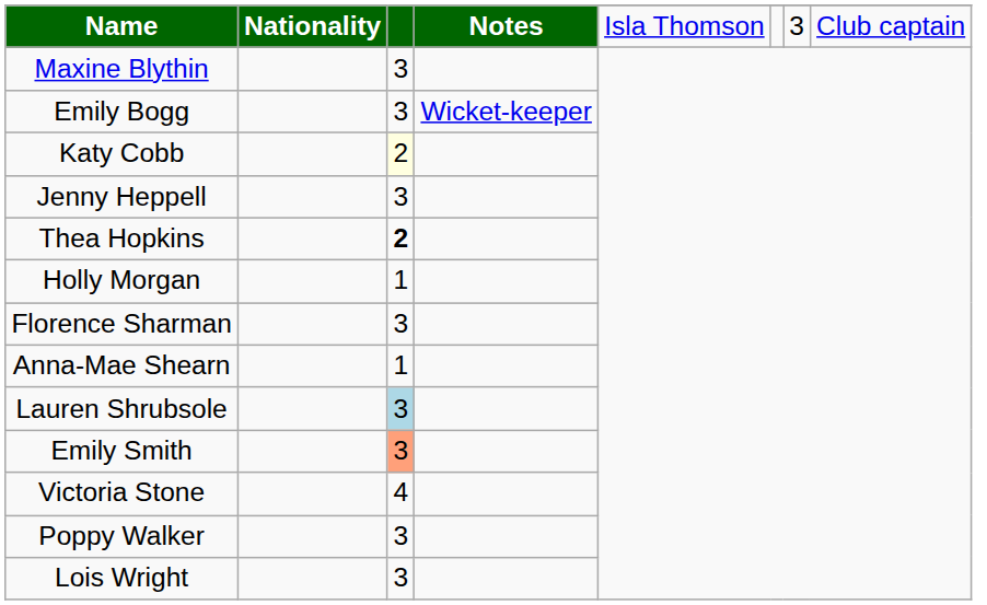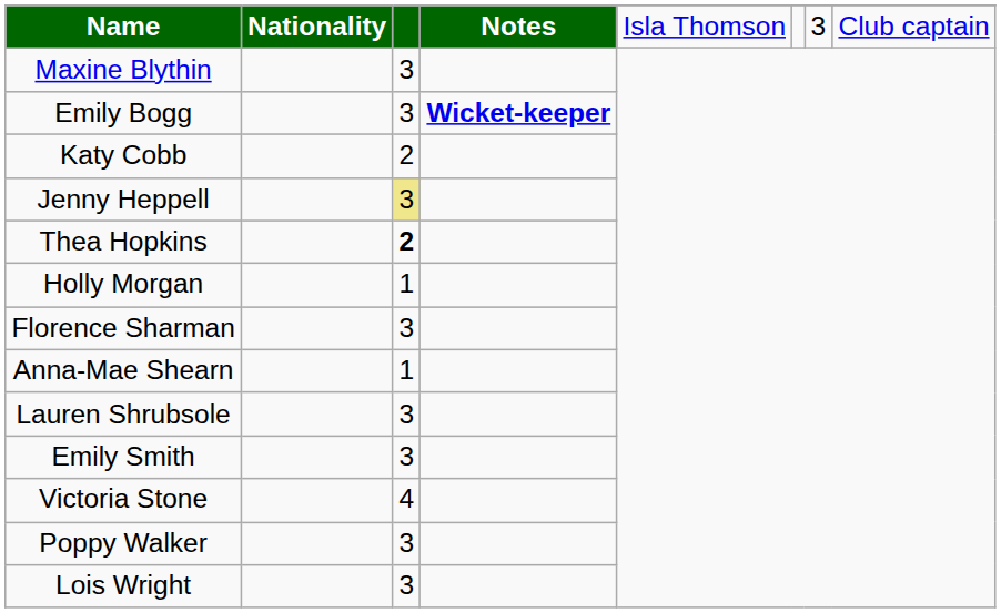 <table class="wikitable sortable">
 <tr>
 <th style="background:#060; color:white" scope="col" rowspan="2">Name</th>
 <th style="background:#060; color:white" scope="col" rowspan="2">Nationality</th>
 <th style="background:#060; color:white" scope="col" rowspan="2"></th>
 <th style="background:#060; color:white" scope="col" rowspan="2">Notes</th>
 </tr>
 <tr>
 <td style="text-align:center"><a href='#'>Isla Thomson</a></td>
 <td></td>
 <td>3</td>
 <td><a href='#'>Club captain</a></td>
 </tr>
 <tr>
 <td style="text-align:center"><a href='#'>Maxine Blythin</a></td>
 <td></td>
 <td>3</td>
 <td></td>
 </tr>
 <tr>
 <td style="text-align:center">Emily Bogg</td>
 <td></td>
 <td>3</td>
-<td><a href='#'>Wicket-keeper</a></td>
+<td><strong><a href='#'>Wicket-keeper</a></strong></td>
 </tr>
 <tr>
 <td style="text-align:center">Katy Cobb</td>
 <td></td>
-<td style="background: lightyellow;">2</td>
+<td>2</td>
 <td></td>
 </tr>
 <tr>
 <td style="text-align:center">Jenny Heppell</td>
 <td></td>
-<td>3</td>
+<td style="background: khaki;">3</td>
 <td></td>
 </tr>
 <tr>
 <td style="text-align:center">Thea Hopkins</td>
 <td></td>
 <td><strong>2</strong></td>
 <td></td>
 </tr>
 <tr>
 <td style="text-align:center">Holly Morgan</td>
 <td></td>
 <td>1</td>
 <td></td>
 </tr>
 <tr>
 <td style="text-align:center">Florence Sharman</td>
 <td></td>
 <td>3</td>
 <td></td>
 </tr>
 <tr>
 <td style="text-align:center">Anna-Mae Shearn</td>
 <td></td>
 <td>1</td>
 <td></td>
 </tr>
 <tr>
 <td style="text-align:center">Lauren Shrubsole</td>
 <td></td>
-<td style="background: lightblue;">3</td>
+<td>3</td>
 <td></td>
 </tr>
 <tr>
 <td style="text-align:center">Emily Smith</td>
 <td></td>
-<td style="background: lightsalmon;">3</td>
+<td>3</td>
 <td></td>
 </tr>
 <tr>
 <td style="text-align:center">Victoria Stone</td>
 <td></td>
 <td>4</td>
 <td></td>
 </tr>
 <tr>
 <td style="text-align:center">Poppy Walker</td>
 <td></td>
 <td>3</td>
 <td></td>
 </tr>
 <tr>
 <td style="text-align:center">Lois Wright</td>
 <td></td>
 <td>3</td>
 <td></td>
 </tr>
 </table>
